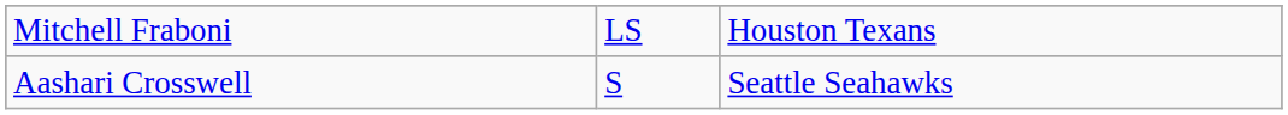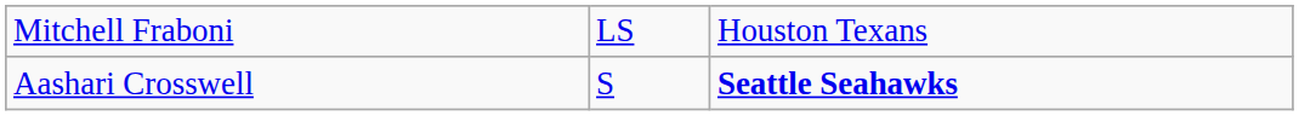 <table class="wikitable" style="width:50%;">
 <tr>
 <td><a href='#'>Mitchell Fraboni</a></td>
 <td><a href='#'>LS</a></td>
 <td><a href='#'>Houston Texans</a></td>
 </tr>
 <tr>
 <td><a href='#'>Aashari Crosswell</a></td>
 <td><a href='#'>S</a></td>
-<td><a href='#'>Seattle Seahawks</a></td>
+<td><strong><a href='#'>Seattle Seahawks</a></strong></td>
 </tr>
 </table>
